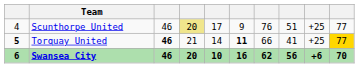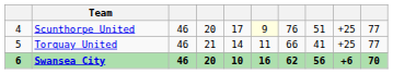 <table class="wikitable" style="text-align:center">
 <tr>
 <th width="30"></th>
 <th width="175">Team</th>
 <th width="30"></th>
 <th width="30"></th>
 <th width="30"></th>
 <th width="30"></th>
 <th width="30"></th>
 <th width="30"></th>
 <th width="30"></th>
 <th width="30"></th>
 </tr>
 <tr>
 <td>4</td>
 <td align=left><a href='#'>Scunthorpe United</a></td>
 <td>46</td>
-<td style="background: khaki;">20</td>
+<td>20</td>
 <td>17</td>
-<td>9</td>
+<td style="background: lightyellow;">9</td>
 <td>76</td>
 <td>51</td>
 <td>+25</td>
 <td>77</td>
 </tr>
 <tr>
-<td><strong>5</strong></td>
+<td>5</td>
 <td align=left><a href='#'>Torquay United</a></td>
-<td><strong>46</strong></td>
+<td>46</td>
 <td>21</td>
 <td>14</td>
-<td><strong>11</strong></td>
+<td>11</td>
 <td>66</td>
 <td>41</td>
 <td>+25</td>
-<td style="background: gold;">77</td>
+<td>77</td>
 </tr>
 <tr bgcolor=#ADDFAD>
 <td><strong>6</strong></td>
 <td align=left><strong><a href='#'>Swansea City</a></strong></td>
 <td><strong>46</strong></td>
 <td><strong>20</strong></td>
 <td><strong>10</strong></td>
 <td><strong>16</strong></td>
 <td><strong>62</strong></td>
 <td><strong>56</strong></td>
 <td><strong>+6</strong></td>
 <td><strong>70</strong></td>
 </tr>
 </table>
